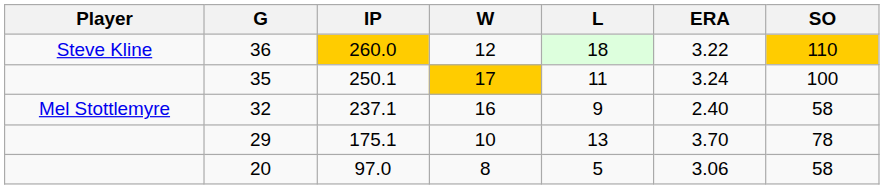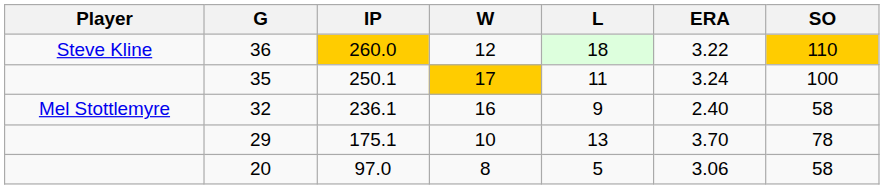 <table class="wikitable sortable">
 <tr>
 <th bgcolor="#DDDDFF" width="16%">Player</th>
 <th bgcolor="#DDDDFF" width="9%">G</th>
 <th bgcolor="#DDDDFF" width="9%">IP</th>
 <th bgcolor="#DDDDFF" width="9%">W</th>
 <th bgcolor="#DDDDFF" width="9%">L</th>
 <th bgcolor="#DDDDFF" width="9%">ERA</th>
 <th bgcolor="#DDDDFF" width="9%">SO</th>
 </tr>
 <tr align="center">
 <td><a href='#'>Steve Kline</a></td>
 <td>36</td>
 <td style="background:#fc0;">260.0</td>
 <td>12</td>
 <td style="background:#DDFFDD;">18</td>
 <td>3.22</td>
 <td style="background:#fc0;">110</td>
 </tr>
 <tr align=center>
 <td></td>
 <td>35</td>
 <td>250.1</td>
 <td style="background:#fc0;">17</td>
 <td>11</td>
 <td>3.24</td>
 <td>100</td>
 </tr>
 <tr align="center">
 <td><a href='#'>Mel Stottlemyre</a></td>
 <td>32</td>
-<td>237.1</td>
+<td>236.1</td>
 <td>16</td>
 <td>9</td>
 <td>2.40</td>
 <td>58</td>
 </tr>
 <tr align="center">
 <td></td>
 <td>29</td>
 <td>175.1</td>
 <td>10</td>
 <td>13</td>
 <td>3.70</td>
 <td>78</td>
 </tr>
 <tr align="center">
 <td></td>
 <td>20</td>
 <td>97.0</td>
 <td>8</td>
 <td>5</td>
 <td>3.06</td>
 <td>58</td>
 </tr>
 </table>
